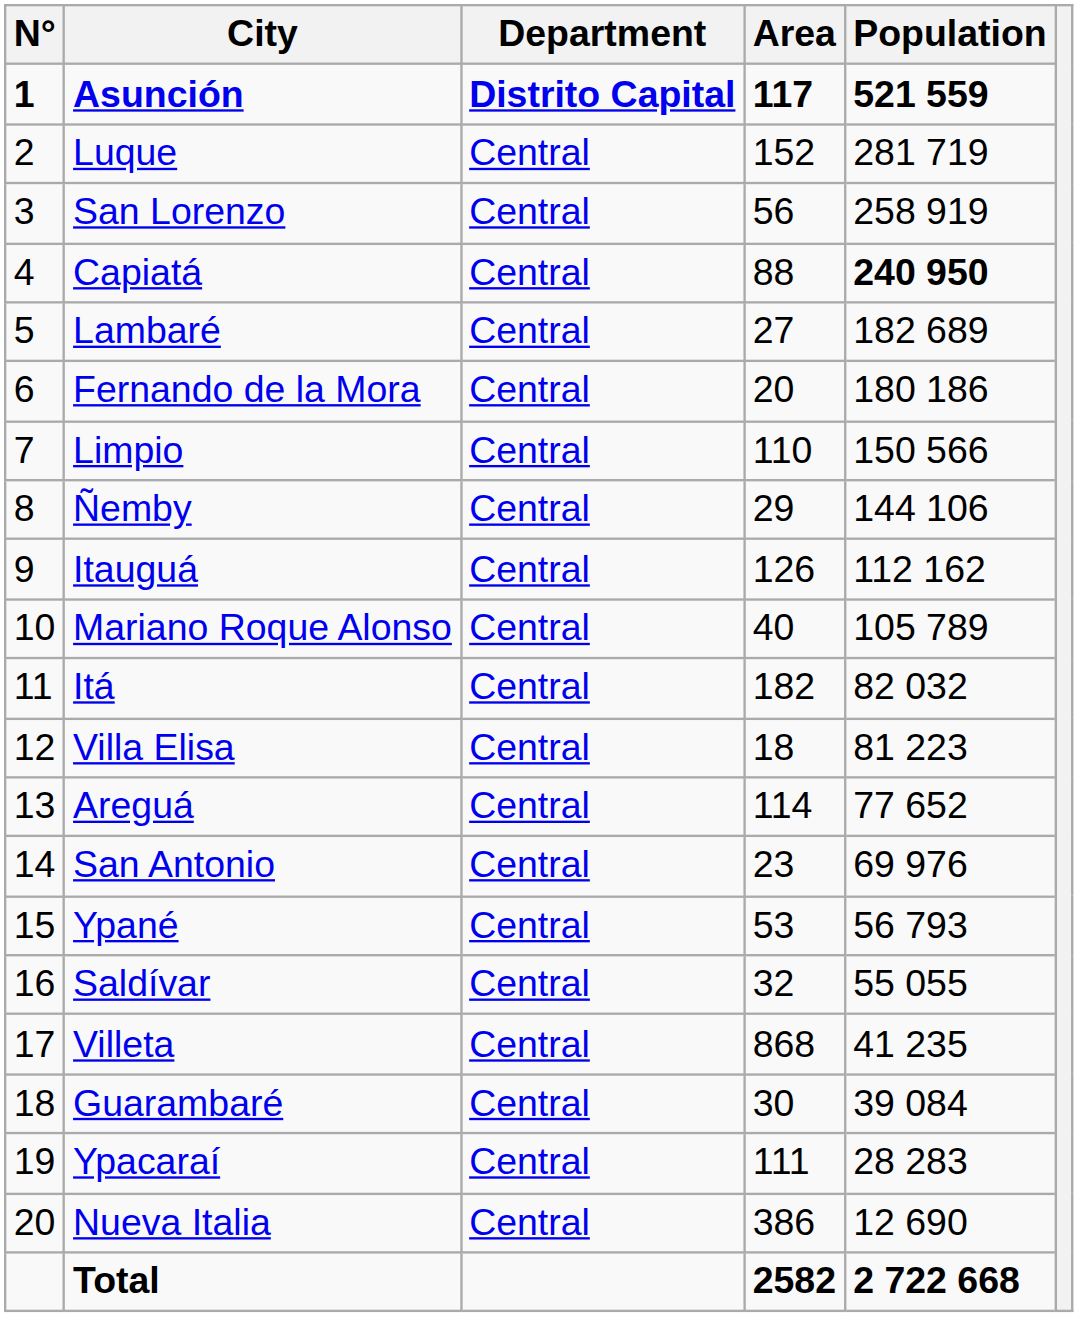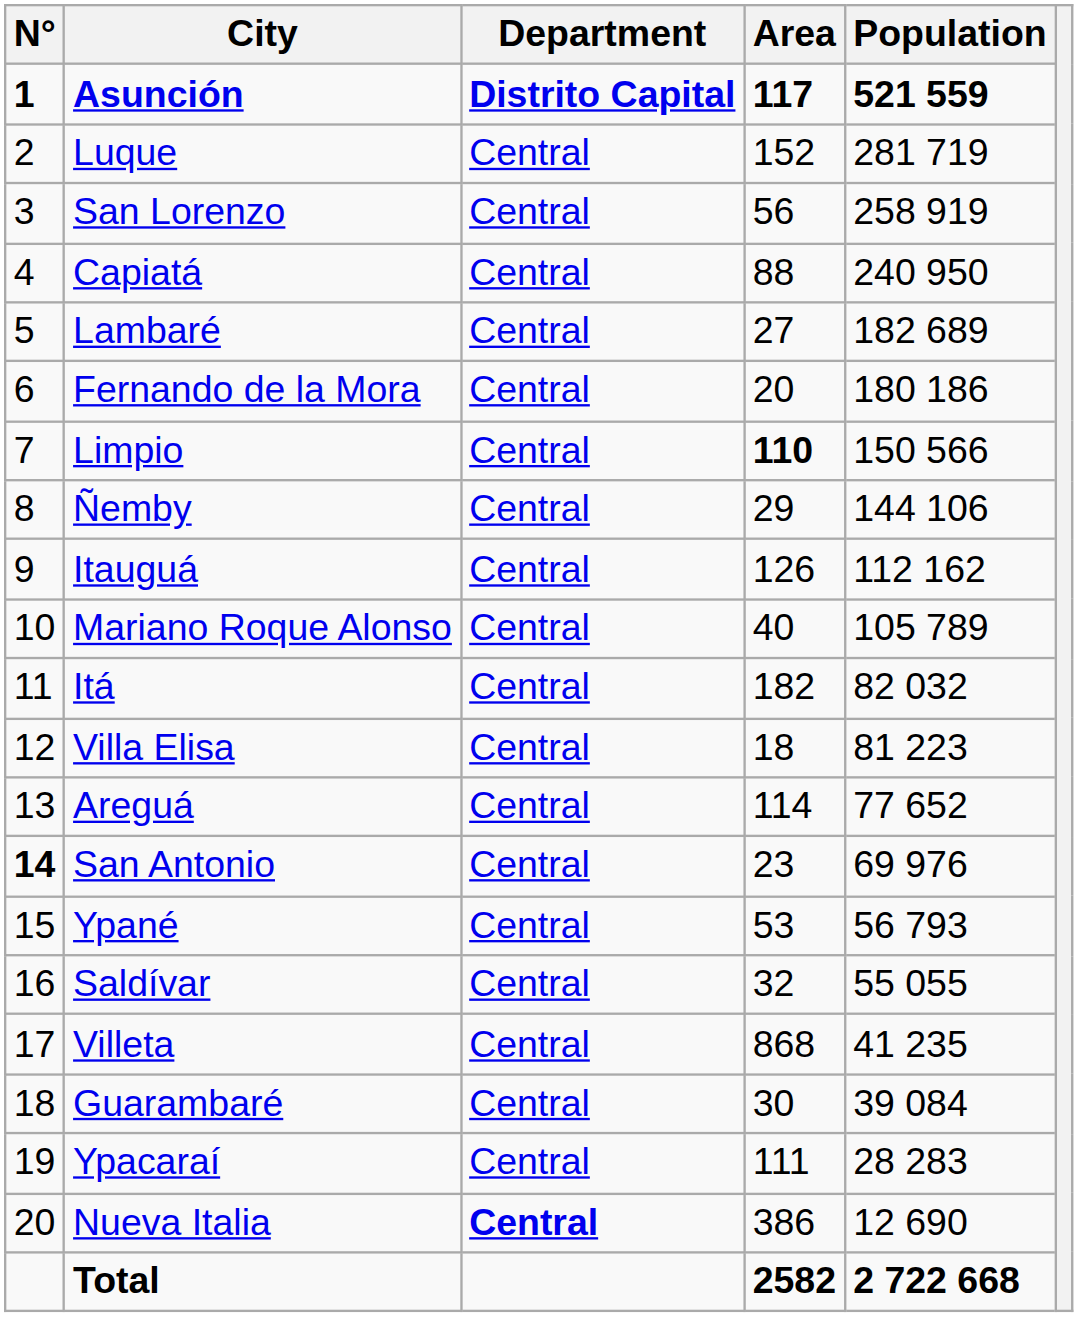 <table class="wikitable">
 <tr>
 <th>N°</th>
 <th>City</th>
 <th>Department</th>
 <th>Area</th>
 <th>Population</th>
 <th rowspan=22></th>
 </tr>
 <tr>
 <td><strong>1</strong></td>
 <td><strong><a href='#'>Asunción</a></strong></td>
 <td><strong><a href='#'>Distrito Capital</a></strong></td>
 <td><strong>117</strong></td>
 <td><strong>521 559</strong></td>
 </tr>
 <tr>
 <td>2</td>
 <td><a href='#'>Luque</a></td>
 <td><a href='#'>Central</a></td>
 <td>152</td>
 <td>281 719</td>
 </tr>
 <tr>
 <td>3</td>
 <td><a href='#'>San Lorenzo</a></td>
 <td><a href='#'>Central</a></td>
 <td>56</td>
 <td>258 919</td>
 </tr>
 <tr>
 <td>4</td>
 <td><a href='#'>Capiatá</a></td>
 <td><a href='#'>Central</a></td>
 <td>88</td>
-<td><strong>240 950</strong></td>
+<td>240 950</td>
 </tr>
 <tr>
 <td>5</td>
 <td><a href='#'>Lambaré</a></td>
 <td><a href='#'>Central</a></td>
 <td>27</td>
 <td>182 689</td>
 </tr>
 <tr>
 <td>6</td>
 <td><a href='#'>Fernando de la Mora</a></td>
 <td><a href='#'>Central</a></td>
 <td>20</td>
 <td>180 186</td>
 </tr>
 <tr>
 <td>7</td>
 <td><a href='#'>Limpio</a></td>
 <td><a href='#'>Central</a></td>
-<td>110</td>
+<td><strong>110</strong></td>
 <td>150 566</td>
 </tr>
 <tr>
 <td>8</td>
 <td><a href='#'>Ñemby</a></td>
 <td><a href='#'>Central</a></td>
 <td>29</td>
 <td>144 106</td>
 </tr>
 <tr>
 <td>9</td>
 <td><a href='#'>Itauguá</a></td>
 <td><a href='#'>Central</a></td>
 <td>126</td>
 <td>112 162</td>
 </tr>
 <tr>
 <td>10</td>
 <td><a href='#'>Mariano Roque Alonso</a></td>
 <td><a href='#'>Central</a></td>
 <td>40</td>
 <td>105 789</td>
 </tr>
 <tr>
 <td>11</td>
 <td><a href='#'>Itá</a></td>
 <td><a href='#'>Central</a></td>
 <td>182</td>
 <td>82 032</td>
 </tr>
 <tr>
 <td>12</td>
 <td><a href='#'>Villa Elisa</a></td>
 <td><a href='#'>Central</a></td>
 <td>18</td>
 <td>81 223</td>
 </tr>
 <tr>
 <td>13</td>
 <td><a href='#'>Areguá</a></td>
 <td><a href='#'>Central</a></td>
 <td>114</td>
 <td>77 652</td>
 </tr>
 <tr>
-<td>14</td>
+<td><strong>14</strong></td>
 <td><a href='#'>San Antonio</a></td>
 <td><a href='#'>Central</a></td>
 <td>23</td>
 <td>69 976</td>
 </tr>
 <tr>
 <td>15</td>
 <td><a href='#'>Ypané</a></td>
 <td><a href='#'>Central</a></td>
 <td>53</td>
 <td>56 793</td>
 </tr>
 <tr>
 <td>16</td>
 <td><a href='#'>Saldívar</a></td>
 <td><a href='#'>Central</a></td>
 <td>32</td>
 <td>55 055</td>
 </tr>
 <tr>
 <td>17</td>
 <td><a href='#'>Villeta</a></td>
 <td><a href='#'>Central</a></td>
 <td>868</td>
 <td>41 235</td>
 </tr>
 <tr>
 <td>18</td>
 <td><a href='#'>Guarambaré</a></td>
 <td><a href='#'>Central</a></td>
 <td>30</td>
 <td>39 084</td>
 </tr>
 <tr>
 <td>19</td>
 <td><a href='#'>Ypacaraí</a></td>
 <td><a href='#'>Central</a></td>
 <td>111</td>
 <td>28 283</td>
 </tr>
 <tr>
 <td>20</td>
 <td><a href='#'>Nueva Italia</a></td>
-<td><a href='#'>Central</a></td>
+<td><strong><a href='#'>Central</a></strong></td>
 <td>386</td>
 <td>12 690</td>
 </tr>
 <tr>
 <td></td>
 <td><strong>Total</strong></td>
 <td></td>
 <td><strong>2582</strong></td>
 <td><strong>2 722 668</strong></td>
 </tr>
 </table>
